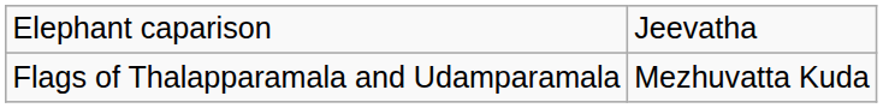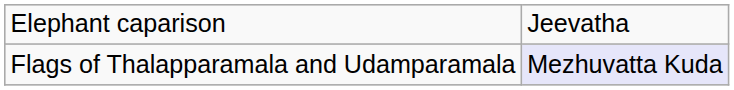 <table class="wikitable">
 <tr>
 <td>Elephant caparison</td>
 <td>Jeevatha</td>
 </tr>
 <tr>
 <td>Flags of Thalapparamala and Udamparamala</td>
-<td>Mezhuvatta Kuda</td>
+<td style="background: lavender;">Mezhuvatta Kuda</td>
 </tr>
 </table>
